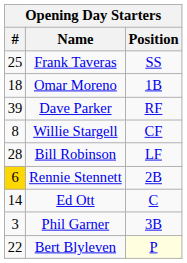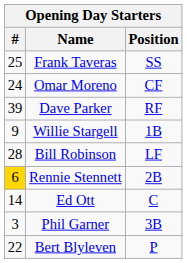 <table class="wikitable" style="text-align:center">
 <tr>
 <th colspan="3">Opening Day Starters</th>
 </tr>
 <tr>
 <th>#</th>
 <th>Name</th>
 <th>Position</th>
 </tr>
 <tr>
 <td>25</td>
 <td><a href='#'>Frank Taveras</a></td>
 <td><a href='#'>SS</a></td>
 </tr>
 <tr>
-<td>18</td>
+<td>24</td>
 <td><a href='#'>Omar Moreno</a></td>
-<td><a href='#'>1B</a></td>
+<td><a href='#'>CF</a></td>
 </tr>
 <tr>
 <td>39</td>
 <td><a href='#'>Dave Parker</a></td>
 <td><a href='#'>RF</a></td>
 </tr>
 <tr>
-<td>8</td>
+<td>9</td>
 <td><a href='#'>Willie Stargell</a></td>
-<td><a href='#'>CF</a></td>
+<td><a href='#'>1B</a></td>
 </tr>
 <tr>
 <td>28</td>
 <td><a href='#'>Bill Robinson</a></td>
 <td><a href='#'>LF</a></td>
 </tr>
 <tr>
 <td style="background: gold;">6</td>
 <td><a href='#'>Rennie Stennett</a></td>
 <td><a href='#'>2B</a></td>
 </tr>
 <tr>
 <td>14</td>
 <td><a href='#'>Ed Ott</a></td>
 <td><a href='#'>C</a></td>
 </tr>
 <tr>
 <td>3</td>
 <td><a href='#'>Phil Garner</a></td>
 <td><a href='#'>3B</a></td>
 </tr>
 <tr>
 <td>22</td>
 <td><a href='#'>Bert Blyleven</a></td>
-<td style="background: lightyellow;"><a href='#'>P</a></td>
+<td><a href='#'>P</a></td>
 </tr>
 </table>
